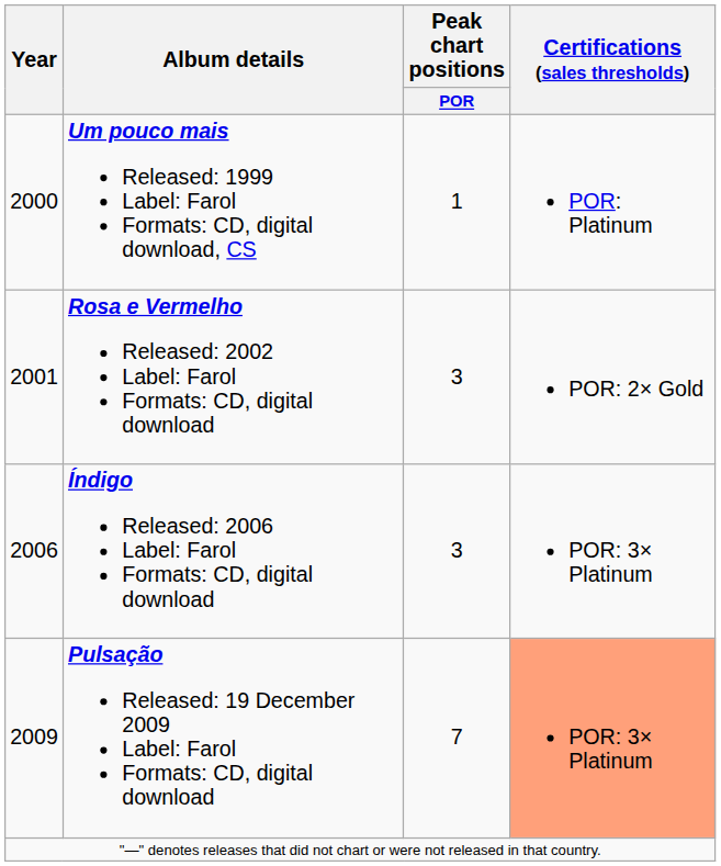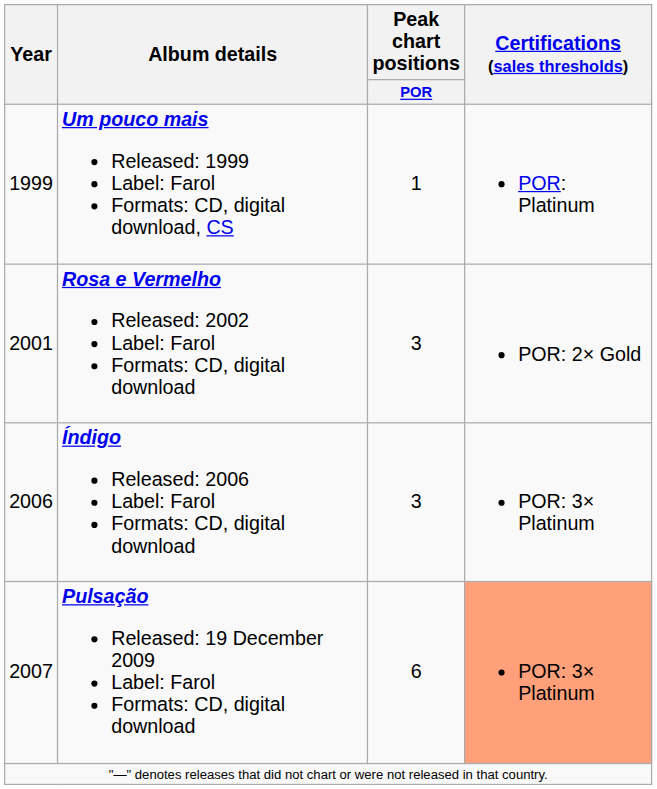 <table class="wikitable">
 <tr>
 <th rowspan="2" width="33">Year</th>
 <th rowspan="2" width="245">Album details</th>
 <th colspan="1">Peak chart positions</th>
 <th rowspan="2" width="145"><a href='#'>Certifications</a><br><small>(<a href='#'>sales thresholds</a>)</small></th>
 </tr>
 <tr>
 <th style="width:3em;font-size:75%;"><a href='#'>POR</a></th>
 </tr>
 <tr>
-<td align="center">2000</td>
+<td align="center">1999</td>
 <td><strong><em><a href='#'>Um pouco mais</a></em></strong><br><ul><li>Released: 1999</li><li>Label: Farol</li><li>Formats: CD, digital download, <a href='#'>CS</a></li></ul></td>
 <td align="center">1</td>
 <td><br><ul><li><a href='#'>POR</a>:  Platinum</li></ul></td>
 </tr>
 <tr>
 <td align="center">2001</td>
 <td><strong><em><a href='#'>Rosa e Vermelho</a></em></strong><br><ul><li>Released: 2002</li><li>Label: Farol</li><li>Formats: CD, digital download</li></ul></td>
 <td align="center">3</td>
 <td><br><ul><li>POR: 2× Gold</li></ul></td>
 </tr>
 <tr>
 <td align="center">2006</td>
 <td><strong><em><a href='#'>Índigo</a></em></strong><br><ul><li>Released: 2006</li><li>Label: Farol</li><li>Formats: CD, digital download</li></ul></td>
 <td align="center">3</td>
 <td><br><ul><li>POR: 3× Platinum</li></ul></td>
 </tr>
 <tr>
-<td align="center">2009</td>
+<td align="center">2007</td>
 <td><strong><em><a href='#'>Pulsação</a></em></strong><br><ul><li>Released: 19 December 2009</li><li>Label: Farol</li><li>Formats: CD, digital download</li></ul></td>
-<td align="center">7</td>
+<td align="center">6</td>
 <td style="background: lightsalmon;"><br><ul><li>POR: 3× Platinum</li></ul></td>
 </tr>
 <tr>
 <td align="center" colspan="16" style="font-size: 8pt">"—" denotes releases that did not chart or were not released in that country.</td>
 </tr>
 </table>
